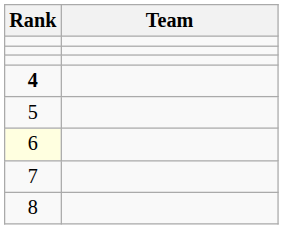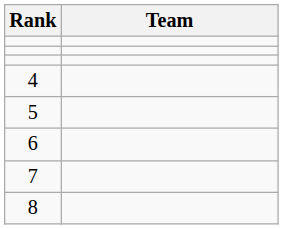 <table class="wikitable" style="text-align:center;">
 <tr>
 <th width=20>Rank</th>
 <th width=165>Team</th>
 </tr>
 <tr>
 <td></td>
 <td style="text-align:left;"></td>
 </tr>
 <tr>
 <td></td>
 <td style="text-align:left;"></td>
 </tr>
 <tr>
 <td></td>
 <td style="text-align:left;"></td>
 </tr>
 <tr>
-<td><strong>4</strong></td>
+<td>4</td>
 <td style="text-align:left;"></td>
 </tr>
 <tr>
 <td>5</td>
 <td style="text-align:left;"></td>
 </tr>
 <tr>
-<td style="background: lightyellow;">6</td>
+<td>6</td>
 <td style="text-align:left;"></td>
 </tr>
 <tr>
 <td>7</td>
 <td style="text-align:left;"></td>
 </tr>
 <tr>
 <td>8</td>
 <td style="text-align:left;"></td>
 </tr>
 </table>
